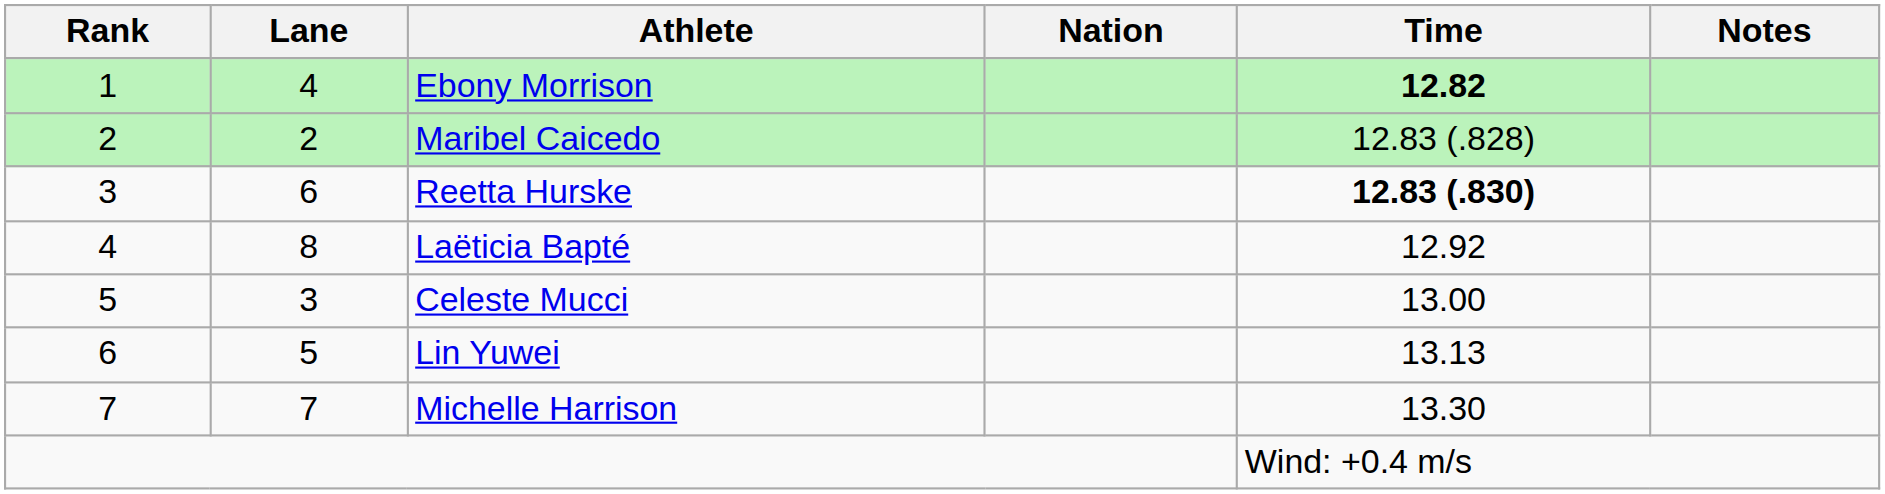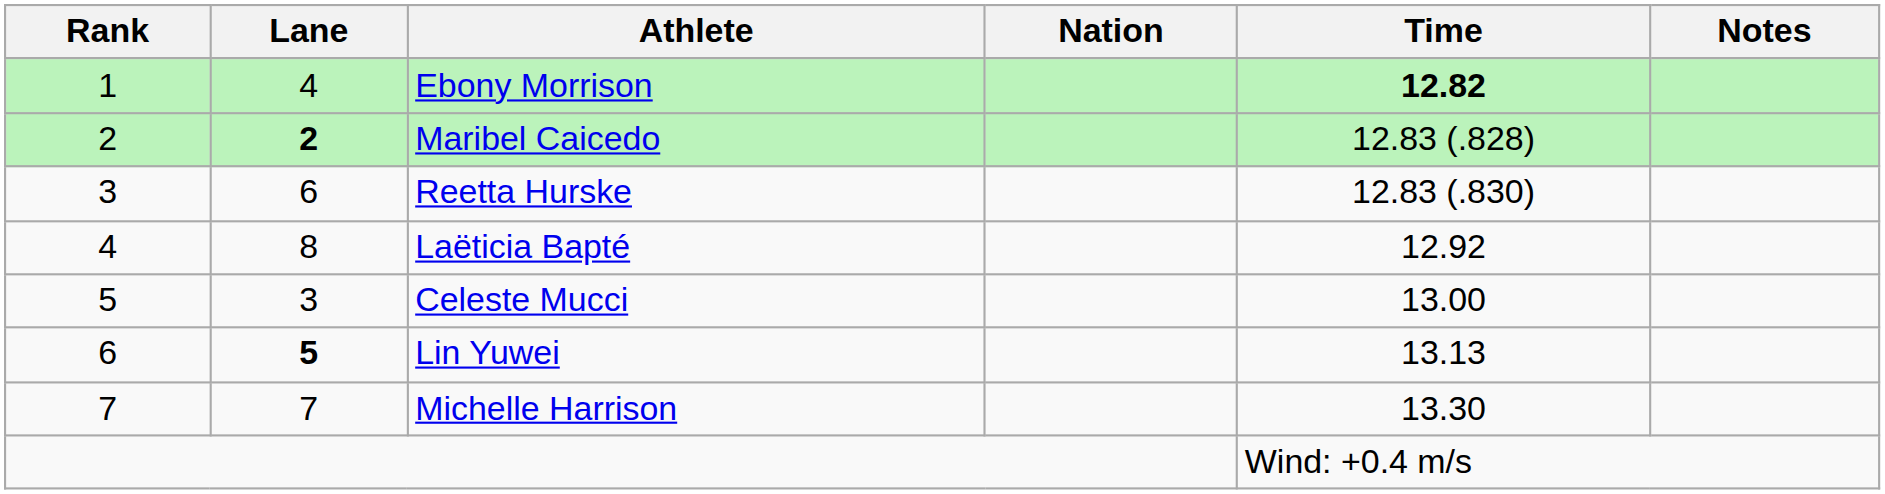 <table class="wikitable sortable" style="text-align:center;width: 70%;">
 <tr>
 <th>Rank</th>
 <th>Lane</th>
 <th>Athlete</th>
 <th>Nation</th>
 <th>Time</th>
 <th>Notes</th>
 </tr>
 <tr bgcolor="#bbf3bb">
 <td>1</td>
 <td>4</td>
 <td align=left><a href='#'>Ebony Morrison</a></td>
 <td align=left></td>
 <td><strong>12.82</strong></td>
 <td></td>
 </tr>
 <tr bgcolor="#bbf3bb">
 <td>2</td>
-<td>2</td>
+<td><strong>2</strong></td>
 <td align=left><a href='#'>Maribel Caicedo</a></td>
 <td align=left></td>
 <td>12.83 (.828)</td>
 <td></td>
 </tr>
 <tr>
 <td>3</td>
 <td>6</td>
 <td align=left><a href='#'>Reetta Hurske</a></td>
 <td align=left></td>
-<td><strong>12.83 (.830)</strong></td>
+<td>12.83 (.830)</td>
 <td></td>
 </tr>
 <tr>
 <td>4</td>
 <td>8</td>
 <td align=left><a href='#'>Laëticia Bapté</a></td>
 <td align=left></td>
 <td>12.92</td>
 <td></td>
 </tr>
 <tr>
 <td>5</td>
 <td>3</td>
 <td align=left><a href='#'>Celeste Mucci</a></td>
 <td align=left></td>
 <td>13.00</td>
 <td></td>
 </tr>
 <tr>
 <td>6</td>
-<td>5</td>
+<td><strong>5</strong></td>
 <td align=left><a href='#'>Lin Yuwei</a></td>
 <td align=left></td>
 <td>13.13</td>
 <td></td>
 </tr>
 <tr>
 <td>7</td>
 <td>7</td>
 <td align=left><a href='#'>Michelle Harrison</a></td>
 <td align=left></td>
 <td>13.30</td>
 <td></td>
 </tr>
 <tr class="sortbottom">
 <td colspan="4"></td>
 <td colspan="2" style="text-align:left;">Wind: +0.4 m/s</td>
 </tr>
 </table>
